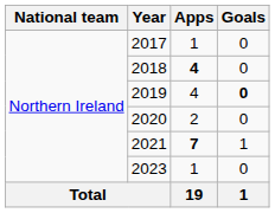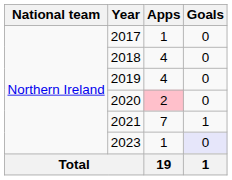 <table class=wikitable style="text-align: center;">
 <tr>
 <th>National team</th>
 <th>Year</th>
 <th>Apps</th>
 <th>Goals</th>
 </tr>
 <tr>
 <td rowspan="6"><a href='#'>Northern Ireland</a></td>
 <td>2017</td>
 <td>1</td>
 <td>0</td>
 </tr>
 <tr>
 <td>2018</td>
-<td><strong>4</strong></td>
+<td>4</td>
 <td>0</td>
 </tr>
 <tr>
 <td>2019</td>
 <td>4</td>
-<td><strong>0</strong></td>
+<td>0</td>
 </tr>
 <tr>
 <td>2020</td>
-<td>2</td>
+<td style="background: pink;">2</td>
 <td>0</td>
 </tr>
 <tr>
 <td>2021</td>
-<td><strong>7</strong></td>
+<td>7</td>
 <td>1</td>
 </tr>
 <tr>
 <td>2023</td>
 <td>1</td>
-<td>0</td>
+<td style="background: lavender;">0</td>
 </tr>
 <tr>
 <th colspan=2>Total</th>
 <th>19</th>
 <th>1</th>
 </tr>
 </table>
